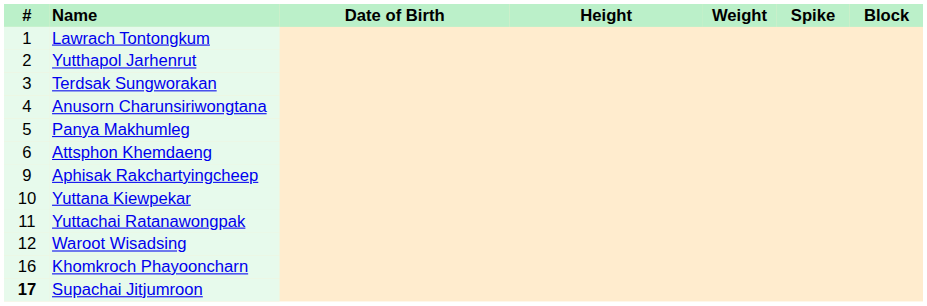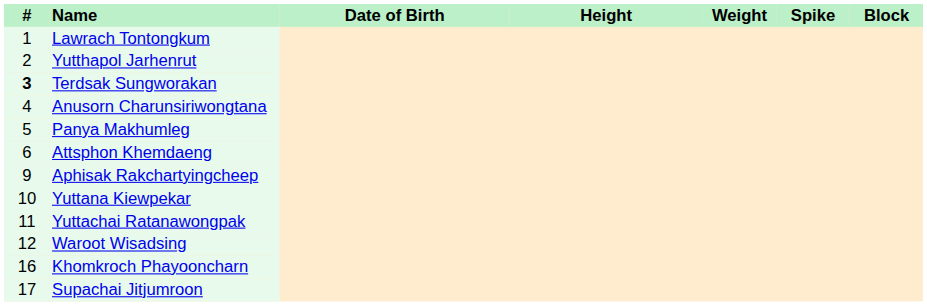 <table border=0 cellpadding=2 cellspacing=0  |- bgcolor=#FFECCE style=text-align:center; font-size:90%; width=100%>
 <tr bgcolor=#BBF0C9>
 <th width=5%>#</th>
 <th width=25% align=left>Name</th>
 <th width=25%>Date of Birth</th>
 <th width=21%>Height</th>
 <th width=8%>Weight</th>
 <th width=8%>Spike</th>
 <th width=8%>Block</th>
 </tr>
 <tr bgcolor=#E7FAEC>
 <td>1</td>
 <td align="left"><a href='#'>Lawrach Tontongkum</a></td>
 </tr>
 <tr bgcolor=#E7FAEC>
 <td>2</td>
 <td align="left"><a href='#'>Yutthapol Jarhenrut</a></td>
 </tr>
 <tr bgcolor=#E7FAEC>
-<td>3</td>
+<td><strong>3</strong></td>
 <td align="left"><a href='#'>Terdsak Sungworakan</a></td>
 </tr>
 <tr bgcolor=#E7FAEC>
 <td>4</td>
 <td align="left"><a href='#'>Anusorn Charunsiriwongtana</a></td>
 </tr>
 <tr bgcolor=#E7FAEC>
 <td>5</td>
 <td align="left"><a href='#'>Panya Makhumleg</a></td>
 </tr>
 <tr bgcolor=#E7FAEC>
 <td>6</td>
 <td align="left"><a href='#'>Attsphon Khemdaeng</a></td>
 </tr>
 <tr bgcolor=#E7FAEC>
 <td>9</td>
 <td align="left"><a href='#'>Aphisak Rakchartyingcheep</a></td>
 </tr>
 <tr bgcolor=#E7FAEC>
 <td>10</td>
 <td align="left"><a href='#'>Yuttana Kiewpekar</a></td>
 </tr>
 <tr bgcolor=#E7FAEC>
 <td>11</td>
 <td align="left"><a href='#'>Yuttachai Ratanawongpak</a></td>
 </tr>
 <tr bgcolor=#E7FAEC>
 <td>12</td>
 <td align="left"><a href='#'>Waroot Wisadsing</a></td>
 </tr>
 <tr bgcolor=#E7FAEC>
 <td>16</td>
 <td align="left"><a href='#'>Khomkroch Phayooncharn</a></td>
 </tr>
 <tr bgcolor=#E7FAEC>
-<td><strong>17</strong></td>
+<td>17</td>
 <td align="left"><a href='#'>Supachai Jitjumroon</a></td>
 </tr>
 </table>
